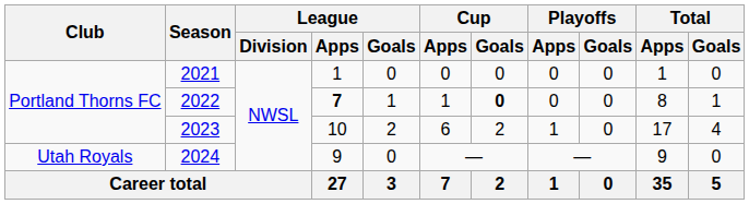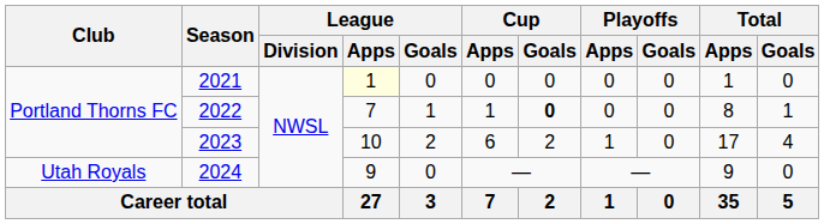 <table class="wikitable" style="text-align:center;">
 <tr>
 <th rowspan=2 scope="col">Club</th>
 <th rowspan=2 scope="col">Season</th>
 <th colspan=3 scope="colgroup">League</th>
 <th colspan=2 scope="colgroup">Cup</th>
 <th colspan=2 scope="colgroup">Playoffs</th>
 <th colspan=2 scope="colgroup">Total</th>
 </tr>
 <tr>
 <th scope="col">Division</th>
 <th scope="col">Apps</th>
 <th scope="col">Goals</th>
 <th scope="col">Apps</th>
 <th scope="col">Goals</th>
 <th scope="col">Apps</th>
 <th scope="col">Goals</th>
 <th scope="col">Apps</th>
 <th scope="col">Goals</th>
 </tr>
 <tr>
 <td rowspan=3><a href='#'>Portland Thorns FC</a></td>
 <td><a href='#'>2021</a></td>
 <td rowspan=4><a href='#'>NWSL</a></td>
-<td>1</td>
+<td style="background: lightyellow;">1</td>
 <td>0</td>
 <td>0</td>
 <td>0</td>
 <td>0</td>
 <td>0</td>
 <td>1</td>
 <td>0</td>
 </tr>
 <tr>
 <td><a href='#'>2022</a></td>
-<td><strong>7</strong></td>
+<td>7</td>
 <td>1</td>
 <td>1</td>
 <td><strong>0</strong></td>
 <td>0</td>
 <td>0</td>
 <td>8</td>
 <td>1</td>
 </tr>
 <tr>
 <td><a href='#'>2023</a></td>
 <td>10</td>
 <td>2</td>
 <td>6</td>
 <td>2</td>
 <td>1</td>
 <td>0</td>
 <td>17</td>
 <td>4</td>
 </tr>
 <tr>
 <td><a href='#'>Utah Royals</a></td>
 <td><a href='#'>2024</a></td>
 <td>9</td>
 <td>0</td>
 <td colspan="2">—</td>
 <td colspan="2">—</td>
 <td>9</td>
 <td>0</td>
 </tr>
 <tr>
 <th colspan=3 scope="row">Career total</th>
 <th>27</th>
 <th>3</th>
 <th>7</th>
 <th>2</th>
 <th>1</th>
 <th>0</th>
 <th>35</th>
 <th>5</th>
 </tr>
 <tr>
 </tr>
 </table>
